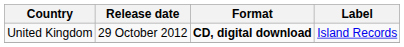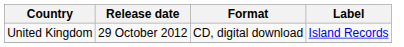 <table class="wikitable plainrowheaders">
 <tr>
 <th scope="col">Country</th>
 <th scope="col">Release date</th>
 <th scope="col">Format</th>
 <th scope="col">Label</th>
 </tr>
 <tr>
 <td>United Kingdom</td>
 <td>29 October 2012</td>
-<td><strong>CD, digital download</strong></td>
+<td>CD, digital download</td>
 <td><a href='#'>Island Records</a></td>
 </tr>
 <tr>
 </tr>
 </table>
